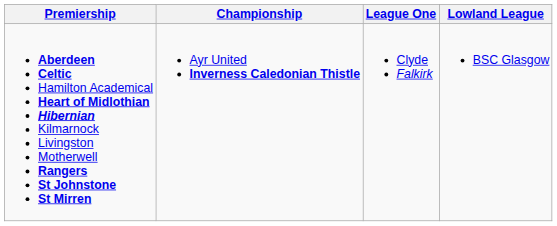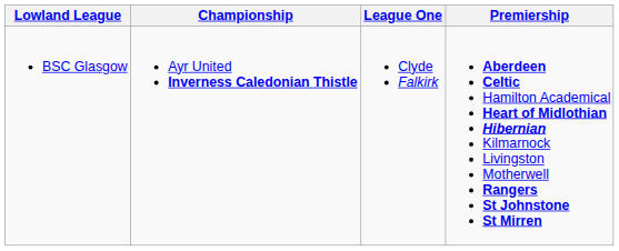 <table class="wikitable" style="text-align:left">
 <tr>
-<th><a href='#'>Premiership</a></th>
+<th><a href='#'>Lowland League</a></th>
 <th><a href='#'>Championship</a></th>
 <th><a href='#'>League One</a></th>
-<th><a href='#'>Lowland League</a></th>
+<th><a href='#'>Premiership</a></th>
 </tr>
 <tr>
-<td valign=top><br><ul><li><strong><a href='#'>Aberdeen</a></strong></li><li><strong><a href='#'>Celtic</a></strong></li><li><a href='#'>Hamilton Academical</a></li><li><strong><a href='#'>Heart of Midlothian</a></strong></li><li><strong><em><a href='#'>Hibernian</a></em></strong></li><li><a href='#'>Kilmarnock</a></li><li><a href='#'>Livingston</a></li><li><a href='#'>Motherwell</a></li><li><strong><a href='#'>Rangers</a></strong></li><li><strong><a href='#'>St Johnstone</a></strong></li><li><strong><a href='#'>St Mirren</a></strong></li></ul></td>
+<td valign=top><br><ul><li><a href='#'>BSC Glasgow</a></li></ul></td>
 <td valign=top><br><ul><li><a href='#'>Ayr United</a></li><li><strong><a href='#'>Inverness Caledonian Thistle</a></strong></li></ul></td>
 <td valign=top><br><ul><li><a href='#'>Clyde</a></li><li><em><a href='#'>Falkirk</a></em></li></ul></td>
-<td valign=top><br><ul><li><a href='#'>BSC Glasgow</a></li></ul></td>
+<td valign=top><br><ul><li><strong><a href='#'>Aberdeen</a></strong></li><li><strong><a href='#'>Celtic</a></strong></li><li><a href='#'>Hamilton Academical</a></li><li><strong><a href='#'>Heart of Midlothian</a></strong></li><li><strong><em><a href='#'>Hibernian</a></em></strong></li><li><a href='#'>Kilmarnock</a></li><li><a href='#'>Livingston</a></li><li><a href='#'>Motherwell</a></li><li><strong><a href='#'>Rangers</a></strong></li><li><strong><a href='#'>St Johnstone</a></strong></li><li><strong><a href='#'>St Mirren</a></strong></li></ul></td>
 </tr>
 </table>
